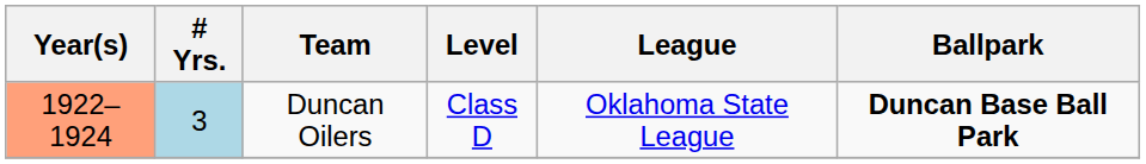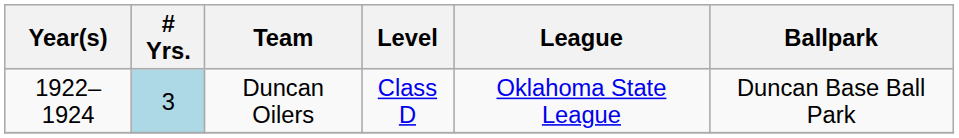 <table class="wikitable" style="text-align:center; font-size: 95%;">
 <tr>
 <th>Year(s)</th>
 <th># Yrs.</th>
 <th>Team</th>
 <th>Level</th>
 <th>League</th>
 <th>Ballpark</th>
 </tr>
 <tr>
-<td style="background: lightsalmon;">1922–1924</td>
+<td>1922–1924</td>
 <td style="background: lightblue;">3</td>
 <td>Duncan Oilers</td>
 <td><a href='#'>Class D</a></td>
 <td><a href='#'>Oklahoma State League</a></td>
-<td><strong>Duncan Base Ball Park</strong></td>
+<td>Duncan Base Ball Park</td>
 </tr>
 <tr>
 </tr>
 </table>
